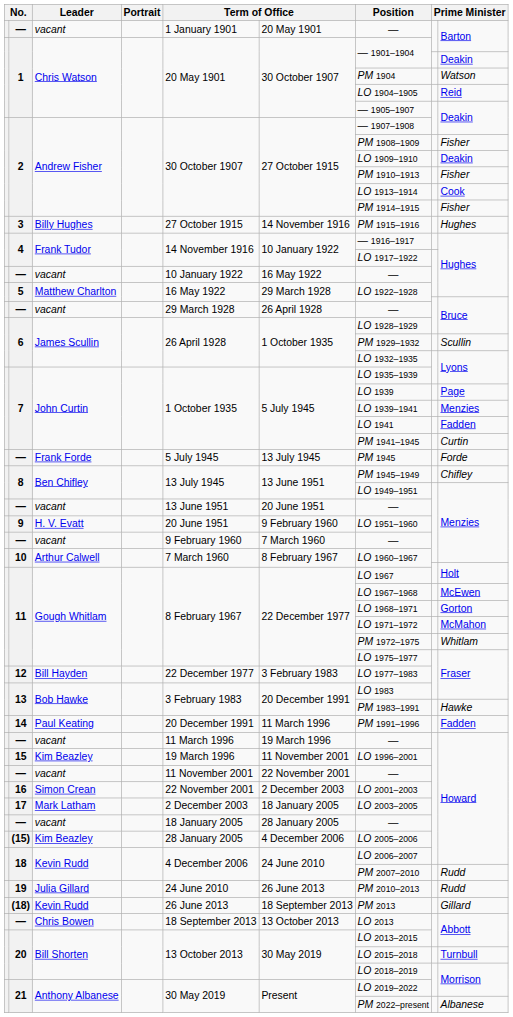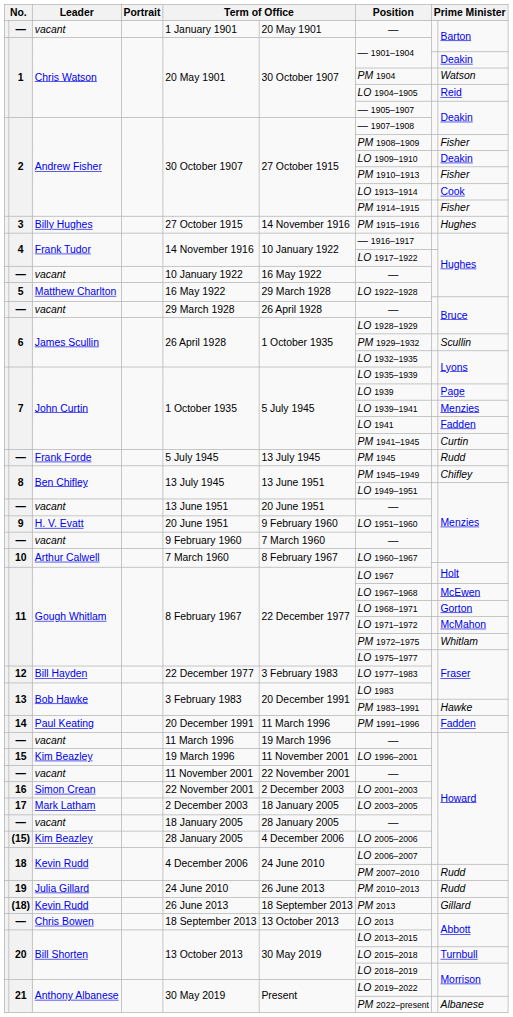 <table class="wikitable">
 <tr>
 <th colspan="2">No.</th>
 <th>Leader</th>
 <th>Portrait</th>
 <th colspan="2">Term of Office</th>
 <th>Position</th>
 <th colspan="2">Prime Minister</th>
 </tr>
 <tr>
 <th style="background-color: "></th>
 <th>—</th>
 <td><em>vacant</em></td>
 <td></td>
 <td>1 January 1901</td>
 <td>20 May 1901</td>
 <td align="center">—</td>
 <td style="border:solid 0 gray; background: "></td>
 <td rowspan="2"><a href='#'>Barton</a></td>
 </tr>
 <tr>
 <th rowspan="5" style="background-color: "></th>
 <th rowspan="5">1</th>
 <td rowspan="5"><a href='#'>Chris Watson</a></td>
 <td rowspan="5"></td>
 <td rowspan="5">20 May 1901</td>
 <td rowspan="5">30 October 1907</td>
 <td rowspan="2">— <small>1901–1904</small></td>
 <td height="15" style="border:solid 0 gray; background: "></td>
 </tr>
 <tr>
 <td style="background-color: "></td>
 <td><a href='#'>Deakin</a></td>
 </tr>
 <tr>
 <td><em>PM</em> <small>1904</small></td>
 <td style="background-color: "></td>
 <td><em>Watson</em></td>
 </tr>
 <tr>
 <td><em>LO</em> <small>1904–1905</small></td>
 <td style="background-color: "></td>
 <td><a href='#'>Reid</a></td>
 </tr>
 <tr>
 <td>— <small>1905–1907</small></td>
 <td style="border:solid 0 gray; background: "></td>
 <td rowspan="2"><a href='#'>Deakin</a></td>
 </tr>
 <tr>
 <th rowspan="6" style="background-color: "></th>
 <th rowspan="6">2</th>
 <td rowspan="6"><a href='#'>Andrew Fisher</a></td>
 <td rowspan="6"></td>
 <td rowspan="6">30 October 1907</td>
 <td rowspan="6">27 October 1915</td>
 <td>— <small>1907–1908</small></td>
 <td height="15" style="border:solid 0 gray; background: "></td>
 </tr>
 <tr>
 <td><em>PM</em> <small>1908–1909</small></td>
 <td style="background-color: "></td>
 <td><em>Fisher</em></td>
 </tr>
 <tr>
 <td><em>LO</em> <small>1909–1910</small></td>
 <td style="background-color: "></td>
 <td><a href='#'>Deakin</a></td>
 </tr>
 <tr>
 <td><em>PM</em> <small>1910–1913</small></td>
 <td style="background-color: "></td>
 <td><em>Fisher</em></td>
 </tr>
 <tr>
 <td><em>LO</em> <small>1913–1914</small></td>
 <td style="background-color: "></td>
 <td><a href='#'>Cook</a></td>
 </tr>
 <tr>
 <td><em>PM</em> <small>1914–1915</small></td>
 <td style="background-color: "></td>
 <td><em>Fisher</em></td>
 </tr>
 <tr>
 <th style="background-color: "></th>
 <th>3</th>
 <td><a href='#'>Billy Hughes</a></td>
 <td></td>
 <td>27 October 1915</td>
 <td>14 November 1916</td>
 <td><em>PM</em> <small>1915–1916</small></td>
 <td style="background-color: "></td>
 <td><em>Hughes</em></td>
 </tr>
 <tr>
 <th rowspan="2" style="background-color: "></th>
 <th rowspan="2">4</th>
 <td rowspan="2"><a href='#'>Frank Tudor</a></td>
 <td rowspan="2"></td>
 <td rowspan="2">14 November 1916</td>
 <td rowspan="2">10 January 1922</td>
 <td>— <small>1916–1917</small></td>
 <td style="background-color: "></td>
 <td rowspan="4"><a href='#'>Hughes</a></td>
 </tr>
 <tr>
 <td><em>LO</em> <small>1917–1922</small></td>
 <td rowspan="2" style="border-bottom:solid 0 gray; background: "></td>
 </tr>
 <tr>
 <th style="background-color: "></th>
 <th>—</th>
 <td><em>vacant</em></td>
 <td></td>
 <td>10 January 1922</td>
 <td>16 May 1922</td>
 <td align="center">—</td>
 </tr>
 <tr>
 <th rowspan="2" style="background-color: "></th>
 <th rowspan="2">5</th>
 <td rowspan="2"><a href='#'>Matthew Charlton</a></td>
 <td rowspan="2"></td>
 <td rowspan="2">16 May 1922</td>
 <td rowspan="2">29 March 1928</td>
 <td rowspan="2"><em>LO</em> <small>1922–1928</small></td>
 <td height="15" style="border-top:solid 0 gray; background: "></td>
 </tr>
 <tr>
 <td style="border-bottom:solid 0 gray; background: "></td>
 <td rowspan="3"><a href='#'>Bruce</a></td>
 </tr>
 <tr>
 <th style="background-color: "></th>
 <th>—</th>
 <td><em>vacant</em></td>
 <td></td>
 <td>29 March 1928</td>
 <td>26 April 1928</td>
 <td align="center">—</td>
 <td style="border:solid 0 gray; background: "></td>
 </tr>
 <tr>
 <th rowspan="3" style="background-color: "></th>
 <th rowspan="3">6</th>
 <td rowspan="3"><a href='#'>James Scullin</a></td>
 <td rowspan="3"></td>
 <td rowspan="3">26 April 1928</td>
 <td rowspan="3">1 October 1935</td>
 <td><em>LO</em> <small>1928–1929</small></td>
 <td height="15" style="border-top:solid 0 gray; background: "></td>
 </tr>
 <tr>
 <td><em>PM</em> <small>1929–1932</small></td>
 <td style="background-color: "></td>
 <td><em>Scullin</em></td>
 </tr>
 <tr>
 <td><em>LO</em> <small>1932–1935</small></td>
 <td rowspan="2" style="background-color: "></td>
 <td rowspan="2"><a href='#'>Lyons</a></td>
 </tr>
 <tr>
 <th rowspan="5" style="background-color: "></th>
 <th rowspan="5">7</th>
 <td rowspan="5"><a href='#'>John Curtin</a></td>
 <td rowspan="5"></td>
 <td rowspan="5">1 October 1935</td>
 <td rowspan="5">5 July 1945</td>
 <td><em>LO</em> <small>1935–1939</small></td>
 </tr>
 <tr>
 <td><em>LO</em> <small>1939</small></td>
 <td style="background-color: "></td>
 <td><a href='#'>Page</a></td>
 </tr>
 <tr>
 <td><em>LO</em> <small>1939–1941</small></td>
 <td style="background-color: "></td>
 <td><a href='#'>Menzies</a></td>
 </tr>
 <tr>
 <td><em>LO</em> <small>1941</small></td>
 <td style="background-color: "></td>
 <td><a href='#'>Fadden</a></td>
 </tr>
 <tr>
 <td><em>PM</em> <small>1941–1945</small></td>
 <td style="background-color: "></td>
 <td><em>Curtin</em></td>
 </tr>
 <tr>
 <th style="background-color: "></th>
 <th>—</th>
 <td><a href='#'>Frank Forde</a></td>
 <td></td>
 <td>5 July 1945</td>
 <td>13 July 1945</td>
 <td><em>PM</em> <small>1945</small></td>
 <td style="background-color: "></td>
-<td><em>Forde</em></td>
+<td><em>Rudd</em></td>
 </tr>
 <tr>
 <th rowspan="2" style="background-color: "></th>
 <th rowspan="2">8</th>
 <td rowspan="2"><a href='#'>Ben Chifley</a></td>
 <td rowspan="2"></td>
 <td rowspan="2">13 July 1945</td>
 <td rowspan="2">13 June 1951</td>
 <td><em>PM</em> <small>1945–1949</small></td>
 <td style="background-color: "></td>
 <td><em>Chifley</em></td>
 </tr>
 <tr>
 <td><em>LO</em> <small>1949–1951</small></td>
 <td rowspan="4" style="border-bottom:solid 0 gray; background: "></td>
 <td rowspan="5"><a href='#'>Menzies</a></td>
 </tr>
 <tr>
 <th style="background-color: "></th>
 <th>—</th>
 <td><em>vacant</em></td>
 <td></td>
 <td>13 June 1951</td>
 <td>20 June 1951</td>
 <td align="center">—</td>
 </tr>
 <tr>
 <th style="background-color: "></th>
 <th>9</th>
 <td><a href='#'>H. V. Evatt</a></td>
 <td></td>
 <td>20 June 1951</td>
 <td>9 February 1960</td>
 <td><em>LO</em> <small>1951–1960</small></td>
 </tr>
 <tr>
 <th style="background-color: "></th>
 <th>—</th>
 <td><em>vacant</em></td>
 <td></td>
 <td>9 February 1960</td>
 <td>7 March 1960</td>
 <td align="center">—</td>
 </tr>
 <tr>
 <th rowspan="2" style="background-color: "></th>
 <th rowspan="2">10</th>
 <td rowspan="2"><a href='#'>Arthur Calwell</a></td>
 <td rowspan="2"></td>
 <td rowspan="2">7 March 1960</td>
 <td rowspan="2">8 February 1967</td>
 <td rowspan="2"><em>LO</em> <small>1960–1967</small></td>
 <td height="15" style="border-top:solid 0 gray; background: "></td>
 </tr>
 <tr>
 <td style="border:solid 0 gray; background: "></td>
 <td rowspan="2"><a href='#'>Holt</a></td>
 </tr>
 <tr>
 <th rowspan="6" style="background-color: "></th>
 <th rowspan="6">11</th>
 <td rowspan="6"><a href='#'>Gough Whitlam</a></td>
 <td rowspan="6"></td>
 <td rowspan="6">8 February 1967</td>
 <td rowspan="6">22 December 1977</td>
 <td><em>LO</em> <small>1967</small></td>
 <td height="15" style="border:solid 0 gray; background: "></td>
 </tr>
 <tr>
 <td><em>LO</em> <small>1967–1968</small></td>
 <td style="background-color: "></td>
 <td><a href='#'>McEwen</a></td>
 </tr>
 <tr>
 <td><em>LO</em> <small>1968–1971</small></td>
 <td style="background-color: "></td>
 <td><a href='#'>Gorton</a></td>
 </tr>
 <tr>
 <td><em>LO</em> <small>1971–1972</small></td>
 <td style="background-color: "></td>
 <td><a href='#'>McMahon</a></td>
 </tr>
 <tr>
 <td><em>PM</em> <small>1972–1975</small></td>
 <td style="background-color: "></td>
 <td><em>Whitlam</em></td>
 </tr>
 <tr>
 <td><em>LO</em> <small>1975–1977</small></td>
 <td rowspan="3" style="background-color: "></td>
 <td rowspan="3"><a href='#'>Fraser</a></td>
 </tr>
 <tr>
 <th style="background-color: "></th>
 <th>12</th>
 <td><a href='#'>Bill Hayden</a></td>
 <td></td>
 <td>22 December 1977</td>
 <td>3 February 1983</td>
 <td><em>LO</em> <small>1977–1983</small></td>
 </tr>
 <tr>
 <th rowspan="2" style="background-color: "></th>
 <th rowspan="2">13</th>
 <td rowspan="2"><a href='#'>Bob Hawke</a></td>
 <td rowspan="2"></td>
 <td rowspan="2">3 February 1983</td>
 <td rowspan="2">20 December 1991</td>
 <td><em>LO</em> <small>1983</small></td>
 </tr>
 <tr>
 <td><em>PM</em> <small>1983–1991</small></td>
 <td style="background-color: "></td>
 <td><em>Hawke</em></td>
 </tr>
 <tr>
 <th style="background-color: "></th>
 <th>14</th>
 <td><a href='#'>Paul Keating</a></td>
 <td></td>
 <td>20 December 1991</td>
 <td>11 March 1996</td>
 <td><em>PM</em> <small>1991–1996</small></td>
 <td style="background-color: "></td>
 <td><a href='#'>Fadden</a></td>
 </tr>
 <tr>
 <th style="background-color: "></th>
 <th>—</th>
 <td><em>vacant</em></td>
 <td></td>
 <td>11 March 1996</td>
 <td>19 March 1996</td>
 <td align="center">—</td>
 <td rowspan="8" style="background-color: "></td>
 <td rowspan="8"><a href='#'>Howard</a></td>
 </tr>
 <tr>
 <th style="background-color: "></th>
 <th>15</th>
 <td><a href='#'>Kim Beazley</a></td>
 <td></td>
 <td>19 March 1996</td>
 <td>11 November 2001</td>
 <td><em>LO</em> <small>1996–2001</small></td>
 </tr>
 <tr>
 <th style="background-color: "></th>
 <th>—</th>
 <td><em>vacant</em></td>
 <td></td>
 <td>11 November 2001</td>
 <td>22 November 2001</td>
 <td align="center">—</td>
 </tr>
 <tr>
 <th style="background-color: "></th>
 <th>16</th>
 <td><a href='#'>Simon Crean</a></td>
 <td></td>
 <td>22 November 2001</td>
 <td>2 December 2003</td>
 <td><em>LO</em> <small>2001–2003</small></td>
 </tr>
 <tr>
 <th style="background-color: "></th>
 <th>17</th>
 <td><a href='#'>Mark Latham</a></td>
 <td></td>
 <td>2 December 2003</td>
 <td>18 January 2005</td>
 <td><em>LO</em> <small>2003–2005</small></td>
 </tr>
 <tr>
 <th style="background-color: "></th>
 <th>—</th>
 <td><em>vacant</em></td>
 <td></td>
 <td>18 January 2005</td>
 <td>28 January 2005</td>
 <td align="center">—</td>
 </tr>
 <tr>
 <th style="background-color: "></th>
 <th>(15)</th>
 <td><a href='#'>Kim Beazley</a></td>
 <td></td>
 <td>28 January 2005</td>
 <td>4 December 2006</td>
 <td><em>LO</em> <small>2005–2006</small></td>
 </tr>
 <tr>
 <th rowspan="2" style="background-color: "></th>
 <th rowspan="2">18</th>
 <td rowspan="2"><a href='#'>Kevin Rudd</a></td>
 <td rowspan="2"></td>
 <td rowspan="2">4 December 2006</td>
 <td rowspan="2">24 June 2010</td>
 <td><em>LO</em> <small>2006–2007</small></td>
 </tr>
 <tr>
 <td><em>PM</em> <small>2007–2010</small></td>
 <td style="background-color: "></td>
 <td><em>Rudd</em></td>
 </tr>
 <tr>
 <th style="background-color: "></th>
 <th>19</th>
 <td><a href='#'>Julia Gillard</a></td>
 <td></td>
 <td>24 June 2010</td>
 <td>26 June 2013</td>
 <td><em>PM</em> <small>2010–2013</small></td>
 <td style="background-color: "></td>
 <td><em>Rudd</em></td>
 </tr>
 <tr>
 <th style="background-color: "></th>
 <th>(18)</th>
 <td><a href='#'>Kevin Rudd</a></td>
 <td></td>
 <td>26 June 2013</td>
 <td>18 September 2013</td>
 <td><em>PM</em> <small>2013</small></td>
 <td style="background-color: "></td>
 <td><em>Gillard</em></td>
 </tr>
 <tr>
 <th style="background-color: "></th>
 <th>—</th>
 <td><a href='#'>Chris Bowen</a></td>
 <td></td>
 <td>18 September 2013</td>
 <td>13 October 2013</td>
 <td><em>LO</em> <small>2013</small></td>
 <td rowspan="2" style="background-color: "></td>
 <td rowspan="2"><a href='#'>Abbott</a></td>
 </tr>
 <tr>
 <th rowspan="3" style="background-color: "></th>
 <th rowspan="3">20</th>
 <td rowspan="3"><a href='#'>Bill Shorten</a></td>
 <td rowspan="3"></td>
 <td rowspan="3">13 October 2013</td>
 <td rowspan="3">30 May 2019</td>
 <td><em>LO</em> <small>2013–2015</small></td>
 </tr>
 <tr>
 <td><em>LO</em> <small>2015–2018</small></td>
 <td style="background-color: "></td>
 <td><a href='#'>Turnbull</a></td>
 </tr>
 <tr>
 <td><em>LO</em> <small>2018–2019</small></td>
 <td rowspan="2" style="background-color: "></td>
 <td rowspan="2"><a href='#'>Morrison</a></td>
 </tr>
 <tr>
 <th rowspan="2" style="background-color: "></th>
 <th rowspan="2">21</th>
 <td rowspan="2"><a href='#'>Anthony Albanese</a></td>
 <td rowspan="2"></td>
 <td rowspan="2">30 May 2019</td>
 <td rowspan="2">Present</td>
 <td><em>LO</em> <small>2019–2022</small></td>
 </tr>
 <tr>
 <td><em>PM</em> <small>2022–present</small></td>
 <td style="background-color: "></td>
 <td><em>Albanese</em></td>
 </tr>
 </table>
